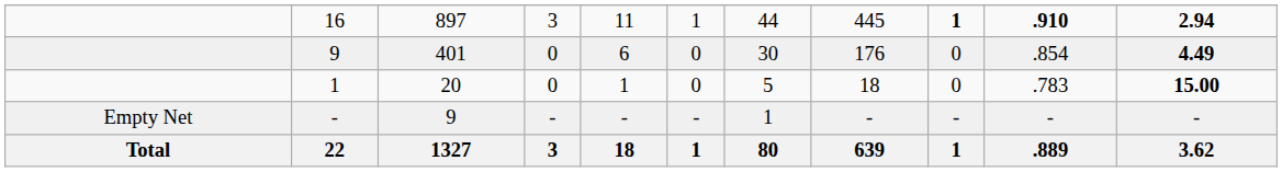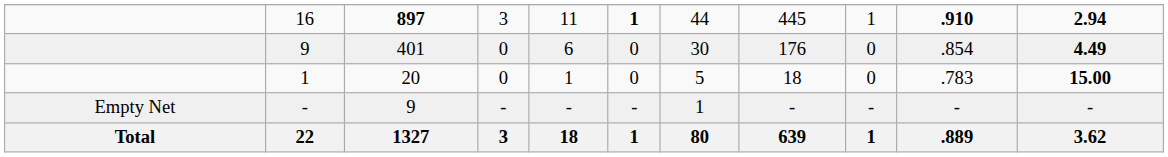 <table class="wikitable sortable" width ="1000">
 <tr align="center">
 </tr>
 <tr align="center" bgcolor="">
 <td></td>
 <td>16</td>
-<td>897</td>
+<td><strong>897</strong></td>
 <td>3</td>
 <td>11</td>
-<td>1</td>
+<td><strong>1</strong></td>
 <td>44</td>
 <td>445</td>
-<td><strong>1</strong></td>
+<td>1</td>
 <td><strong>.910</strong></td>
 <td><strong>2.94</strong></td>
 </tr>
 <tr align="center" bgcolor="f0f0f0">
 <td></td>
 <td>9</td>
 <td>401</td>
 <td>0</td>
 <td>6</td>
 <td>0</td>
 <td>30</td>
 <td>176</td>
 <td>0</td>
 <td>.854</td>
 <td><strong>4.49</strong></td>
 </tr>
 <tr align="center" bgcolor="">
 <td></td>
 <td>1</td>
 <td>20</td>
 <td>0</td>
 <td>1</td>
 <td>0</td>
 <td>5</td>
 <td>18</td>
 <td>0</td>
 <td>.783</td>
 <td><strong>15.00</strong></td>
 </tr>
 <tr align="center" bgcolor="f0f0f0">
 <td>Empty Net</td>
 <td>-</td>
 <td>9</td>
 <td>-</td>
 <td>-</td>
 <td>-</td>
 <td>1</td>
 <td>-</td>
 <td>-</td>
 <td>-</td>
 <td>-</td>
 </tr>
 <tr>
 <th>Total</th>
 <th>22</th>
 <th>1327</th>
 <th>3</th>
 <th>18</th>
 <th>1</th>
 <th>80</th>
 <th>639</th>
 <th>1</th>
 <th>.889</th>
 <th>3.62</th>
 </tr>
 </table>
